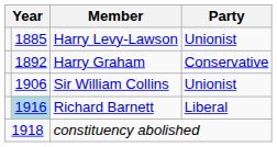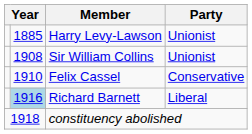 <table class="wikitable">
 <tr>
 <th colspan="2">Year</th>
 <th>Member</th>
 <th>Party</th>
 </tr>
 <tr>
 <td style="color:inherit;background-color: "></td>
 <td><a href='#'>1885</a></td>
 <td><a href='#'>Harry Levy-Lawson</a></td>
 <td><a href='#'>Unionist</a></td>
 </tr>
 <tr>
 <td style="color:inherit;background-color: "></td>
-<td><a href='#'>1892</a></td>
-<td><a href='#'>Harry Graham</a></td>
-<td><a href='#'>Conservative</a></td>
+<td><a href='#'>1908</a></td>
+<td><a href='#'>Sir William Collins</a></td>
+<td><a href='#'>Unionist</a></td>
 </tr>
 <tr>
 <td style="color:inherit;background-color: "></td>
-<td><a href='#'>1906</a></td>
-<td><a href='#'>Sir William Collins</a></td>
-<td><a href='#'>Unionist</a></td>
+<td><a href='#'>1910</a></td>
+<td><a href='#'>Felix Cassel</a></td>
+<td><a href='#'>Conservative</a></td>
 </tr>
 <tr>
 <td style="color:inherit;background-color: "></td>
 <td style="background: lightblue;"><a href='#'>1916</a></td>
 <td><a href='#'>Richard Barnett</a></td>
 <td><a href='#'>Liberal</a></td>
 </tr>
 <tr>
 <td colspan="2" align="center"><a href='#'>1918</a></td>
 <td colspan="2"><em>constituency abolished</em></td>
 </tr>
 </table>
